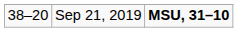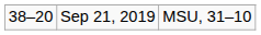 <table class="wikitable">
 <tr align="center">
 </tr>
 <tr align="center">
 <td>38–20</td>
 <td>Sep 21, 2019</td>
-<td><strong>MSU, 31–10</strong></td>
+<td>MSU, 31–10</td>
 </tr>
 </table>
